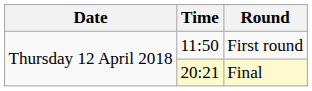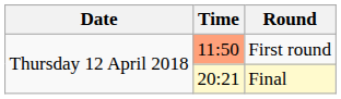 <table class="wikitable">
 <tr>
 <th>Date</th>
 <th>Time</th>
 <th>Round</th>
 </tr>
 <tr>
 <td rowspan=2>Thursday 12 April 2018</td>
-<td>11:50</td>
+<td style="background: lightsalmon;">11:50</td>
 <td>First round</td>
 </tr>
 <tr>
 <td style=background:lemonchiffon>20:21</td>
 <td style=background:lemonchiffon>Final</td>
 </tr>
 </table>
